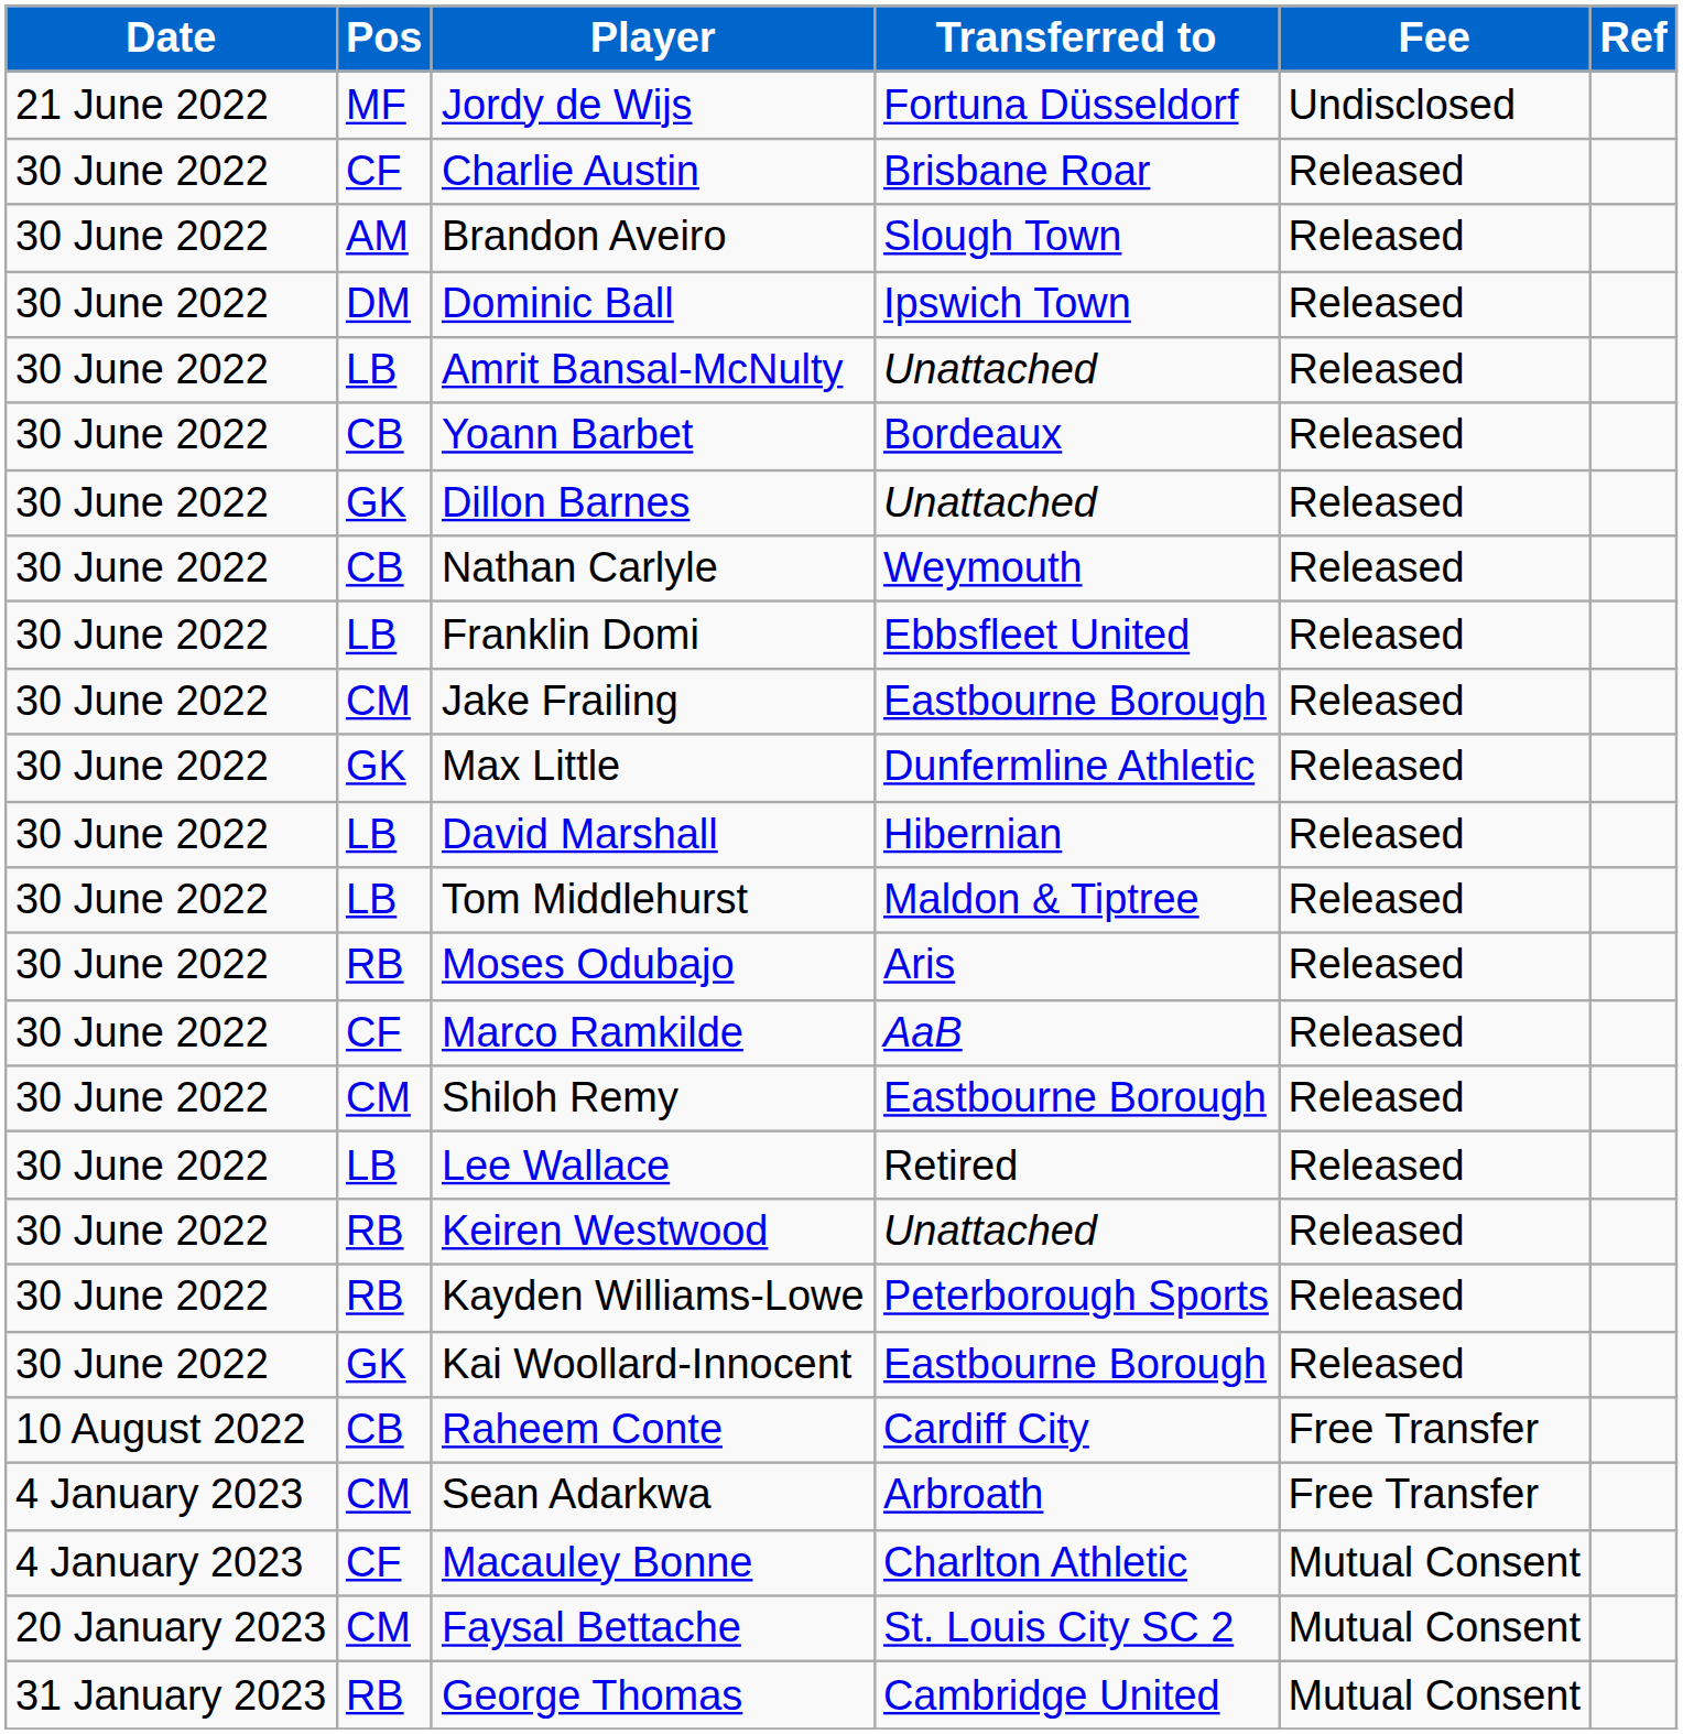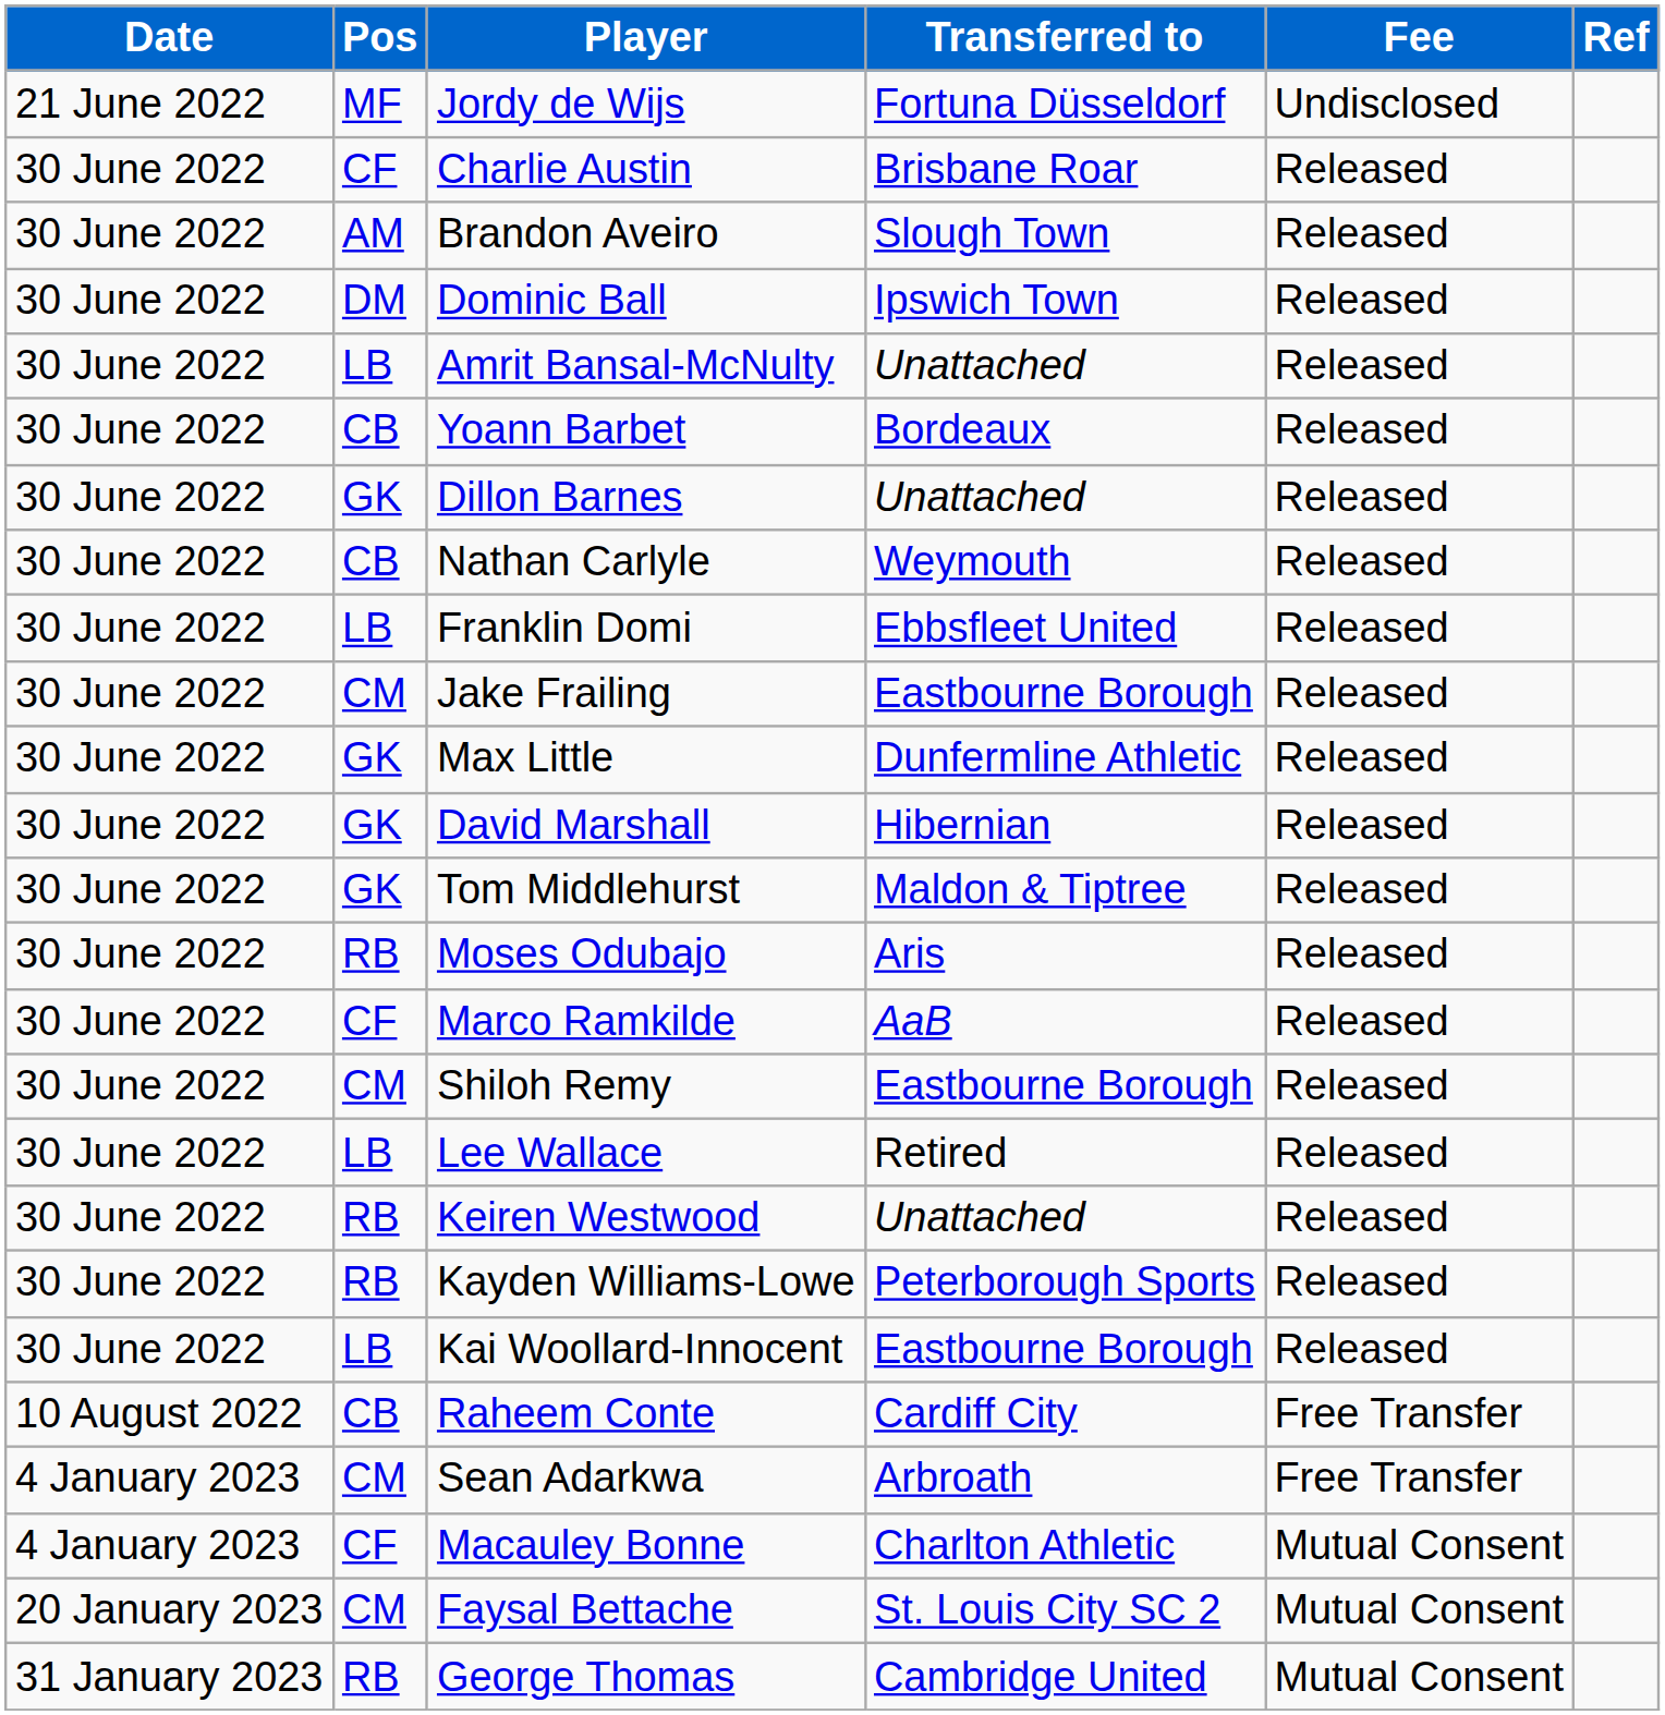 <table class="wikitable plainrowheaders sortable">
 <tr>
 <th style="background:#0066cc; color:#ffffff; ">Date</th>
 <th style="background:#0066cc; color:#ffffff; ">Pos</th>
 <th style="background:#0066cc; color:#ffffff; ">Player</th>
 <th style="background:#0066cc; color:#ffffff; ">Transferred to</th>
 <th style="background:#0066cc; color:#ffffff; ">Fee</th>
 <th style="background:#0066cc; color:#ffffff; ">Ref</th>
 </tr>
 <tr>
 <td>21 June 2022</td>
 <td><a href='#'>MF</a></td>
 <td> <a href='#'>Jordy de Wijs</a></td>
 <td> <a href='#'>Fortuna Düsseldorf</a></td>
 <td>Undisclosed</td>
 <td></td>
 </tr>
 <tr>
 <td>30 June 2022</td>
 <td><a href='#'>CF</a></td>
 <td> <a href='#'>Charlie Austin</a></td>
 <td> <a href='#'>Brisbane Roar</a></td>
 <td>Released</td>
 <td></td>
 </tr>
 <tr>
 <td>30 June 2022</td>
 <td><a href='#'>AM</a></td>
 <td> Brandon Aveiro</td>
 <td> <a href='#'>Slough Town</a></td>
 <td>Released</td>
 <td></td>
 </tr>
 <tr>
 <td>30 June 2022</td>
 <td><a href='#'>DM</a></td>
 <td> <a href='#'>Dominic Ball</a></td>
 <td> <a href='#'>Ipswich Town</a></td>
 <td>Released</td>
 <td></td>
 </tr>
 <tr>
 <td>30 June 2022</td>
 <td><a href='#'>LB</a></td>
 <td> <a href='#'>Amrit Bansal-McNulty</a></td>
 <td> <em>Unattached</em></td>
 <td>Released</td>
 <td></td>
 </tr>
 <tr>
 <td>30 June 2022</td>
 <td><a href='#'>CB</a></td>
 <td> <a href='#'>Yoann Barbet</a></td>
 <td> <a href='#'>Bordeaux</a></td>
 <td>Released</td>
 <td></td>
 </tr>
 <tr>
 <td>30 June 2022</td>
 <td><a href='#'>GK</a></td>
 <td> <a href='#'>Dillon Barnes</a></td>
 <td> <em>Unattached</em></td>
 <td>Released</td>
 <td></td>
 </tr>
 <tr>
 <td>30 June 2022</td>
 <td><a href='#'>CB</a></td>
 <td> Nathan Carlyle</td>
 <td> <a href='#'>Weymouth</a></td>
 <td>Released</td>
 <td></td>
 </tr>
 <tr>
 <td>30 June 2022</td>
 <td><a href='#'>LB</a></td>
 <td> Franklin Domi</td>
 <td> <a href='#'>Ebbsfleet United</a></td>
 <td>Released</td>
 <td></td>
 </tr>
 <tr>
 <td>30 June 2022</td>
 <td><a href='#'>CM</a></td>
 <td> Jake Frailing</td>
 <td> <a href='#'>Eastbourne Borough</a></td>
 <td>Released</td>
 <td></td>
 </tr>
 <tr>
 <td>30 June 2022</td>
 <td><a href='#'>GK</a></td>
 <td> Max Little</td>
 <td> <a href='#'>Dunfermline Athletic</a></td>
 <td>Released</td>
 <td></td>
 </tr>
 <tr>
 <td>30 June 2022</td>
-<td><a href='#'>LB</a></td>
+<td><a href='#'>GK</a></td>
 <td> <a href='#'>David Marshall</a></td>
 <td> <a href='#'>Hibernian</a></td>
 <td>Released</td>
 <td></td>
 </tr>
 <tr>
 <td>30 June 2022</td>
-<td><a href='#'>LB</a></td>
+<td><a href='#'>GK</a></td>
 <td> Tom Middlehurst</td>
 <td> <a href='#'>Maldon & Tiptree</a></td>
 <td>Released</td>
 <td></td>
 </tr>
 <tr>
 <td>30 June 2022</td>
 <td><a href='#'>RB</a></td>
 <td> <a href='#'>Moses Odubajo</a></td>
 <td> <a href='#'>Aris</a></td>
 <td>Released</td>
 <td></td>
 </tr>
 <tr>
 <td>30 June 2022</td>
 <td><a href='#'>CF</a></td>
 <td> <a href='#'>Marco Ramkilde</a></td>
 <td> <em><a href='#'>AaB</a></em></td>
 <td>Released</td>
 <td></td>
 </tr>
 <tr>
 <td>30 June 2022</td>
 <td><a href='#'>CM</a></td>
 <td> Shiloh Remy</td>
 <td> <a href='#'>Eastbourne Borough</a></td>
 <td>Released</td>
 <td></td>
 </tr>
 <tr>
 <td>30 June 2022</td>
 <td><a href='#'>LB</a></td>
 <td> <a href='#'>Lee Wallace</a></td>
 <td> Retired</td>
 <td>Released</td>
 <td></td>
 </tr>
 <tr>
 <td>30 June 2022</td>
 <td><a href='#'>RB</a></td>
 <td> <a href='#'>Keiren Westwood</a></td>
 <td> <em>Unattached</em></td>
 <td>Released</td>
 <td></td>
 </tr>
 <tr>
 <td>30 June 2022</td>
 <td><a href='#'>RB</a></td>
 <td> Kayden Williams-Lowe</td>
 <td> <a href='#'>Peterborough Sports</a></td>
 <td>Released</td>
 <td></td>
 </tr>
 <tr>
 <td>30 June 2022</td>
-<td><a href='#'>GK</a></td>
+<td><a href='#'>LB</a></td>
 <td> Kai Woollard-Innocent</td>
 <td> <a href='#'>Eastbourne Borough</a></td>
 <td>Released</td>
 <td></td>
 </tr>
 <tr>
 <td>10 August 2022</td>
 <td><a href='#'>CB</a></td>
 <td> <a href='#'>Raheem Conte</a></td>
 <td> <a href='#'>Cardiff City</a></td>
 <td>Free Transfer</td>
 <td></td>
 </tr>
 <tr>
 <td>4 January 2023</td>
 <td><a href='#'>CM</a></td>
 <td> Sean Adarkwa</td>
 <td> <a href='#'>Arbroath</a></td>
 <td>Free Transfer</td>
 <td></td>
 </tr>
 <tr>
 <td>4 January 2023</td>
 <td><a href='#'>CF</a></td>
 <td> <a href='#'>Macauley Bonne</a></td>
 <td> <a href='#'>Charlton Athletic</a></td>
 <td>Mutual Consent</td>
 <td></td>
 </tr>
 <tr>
 <td>20 January 2023</td>
 <td><a href='#'>CM</a></td>
 <td> <a href='#'>Faysal Bettache</a></td>
 <td> <a href='#'>St. Louis City SC 2</a></td>
 <td>Mutual Consent</td>
 <td></td>
 </tr>
 <tr>
 <td>31 January 2023</td>
 <td><a href='#'>RB</a></td>
 <td> <a href='#'>George Thomas</a></td>
 <td> <a href='#'>Cambridge United</a></td>
 <td>Mutual Consent</td>
 <td></td>
 </tr>
 </table>
